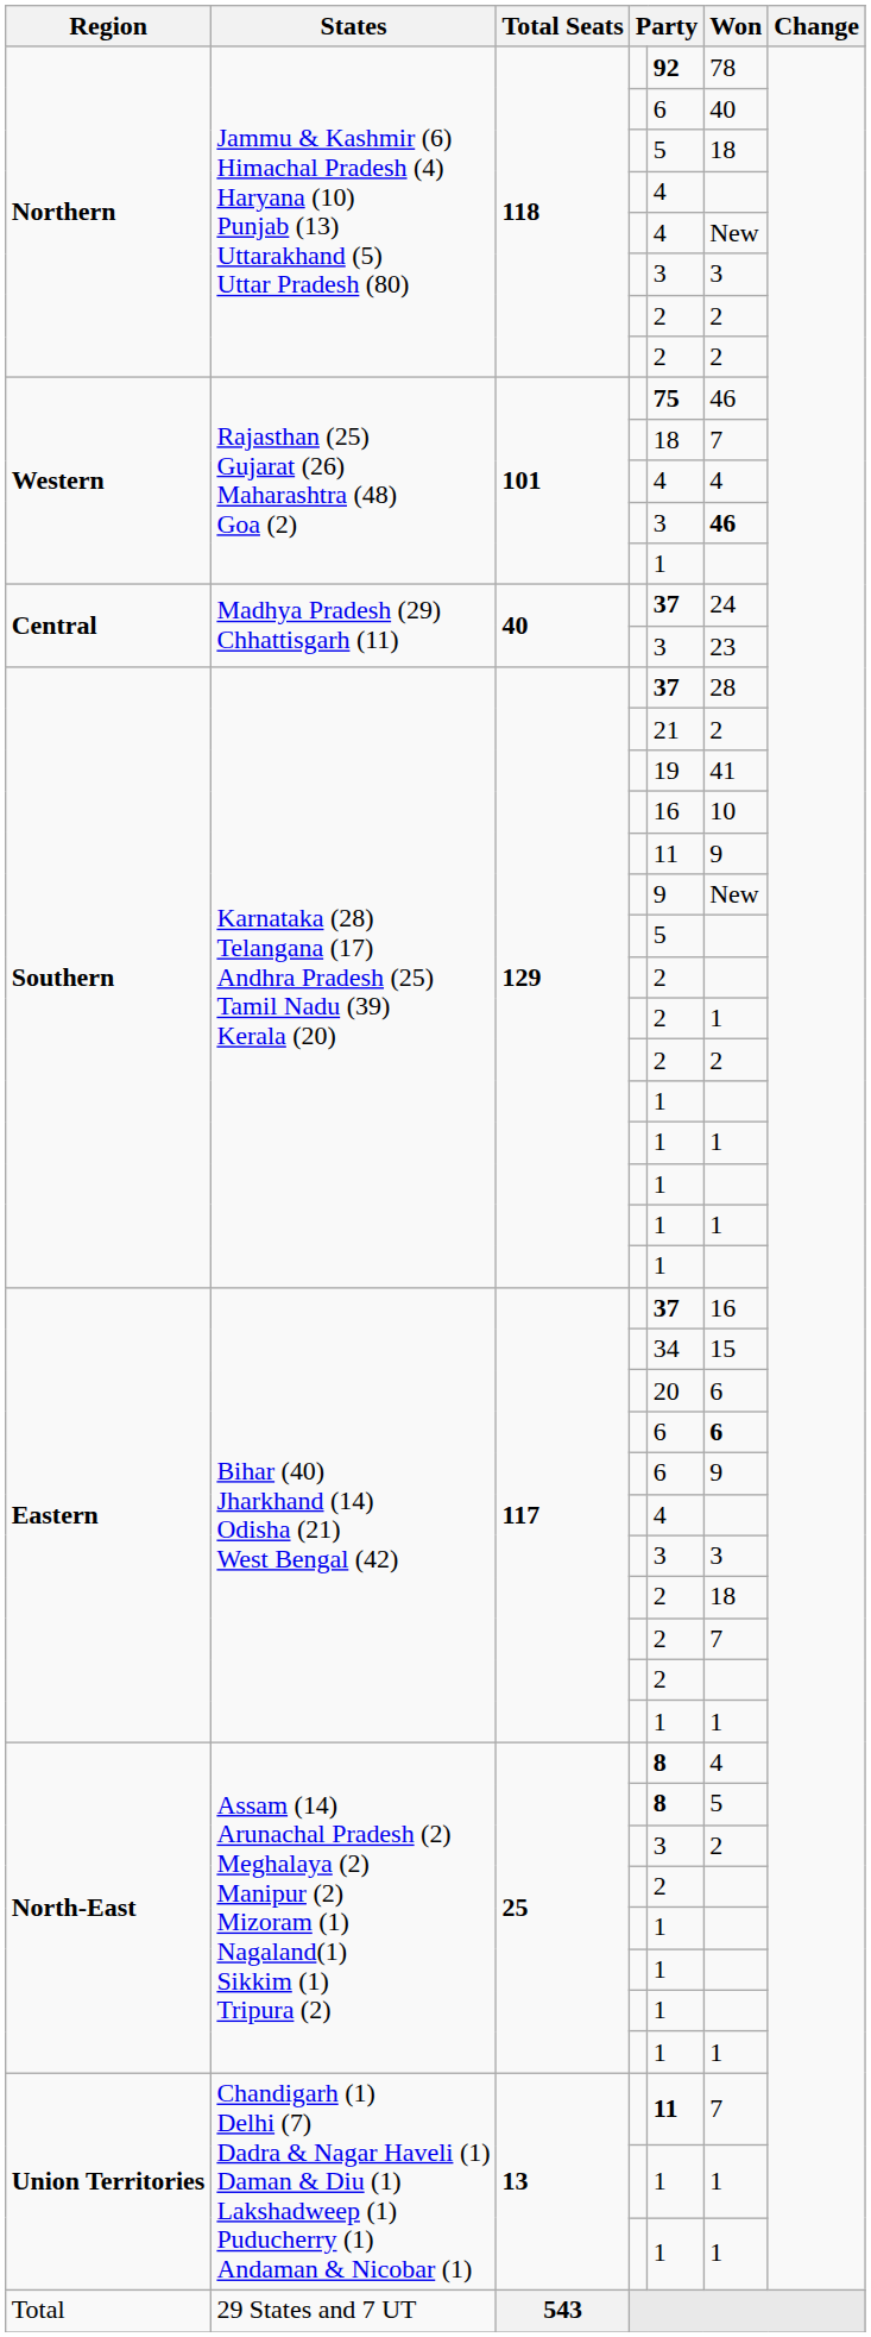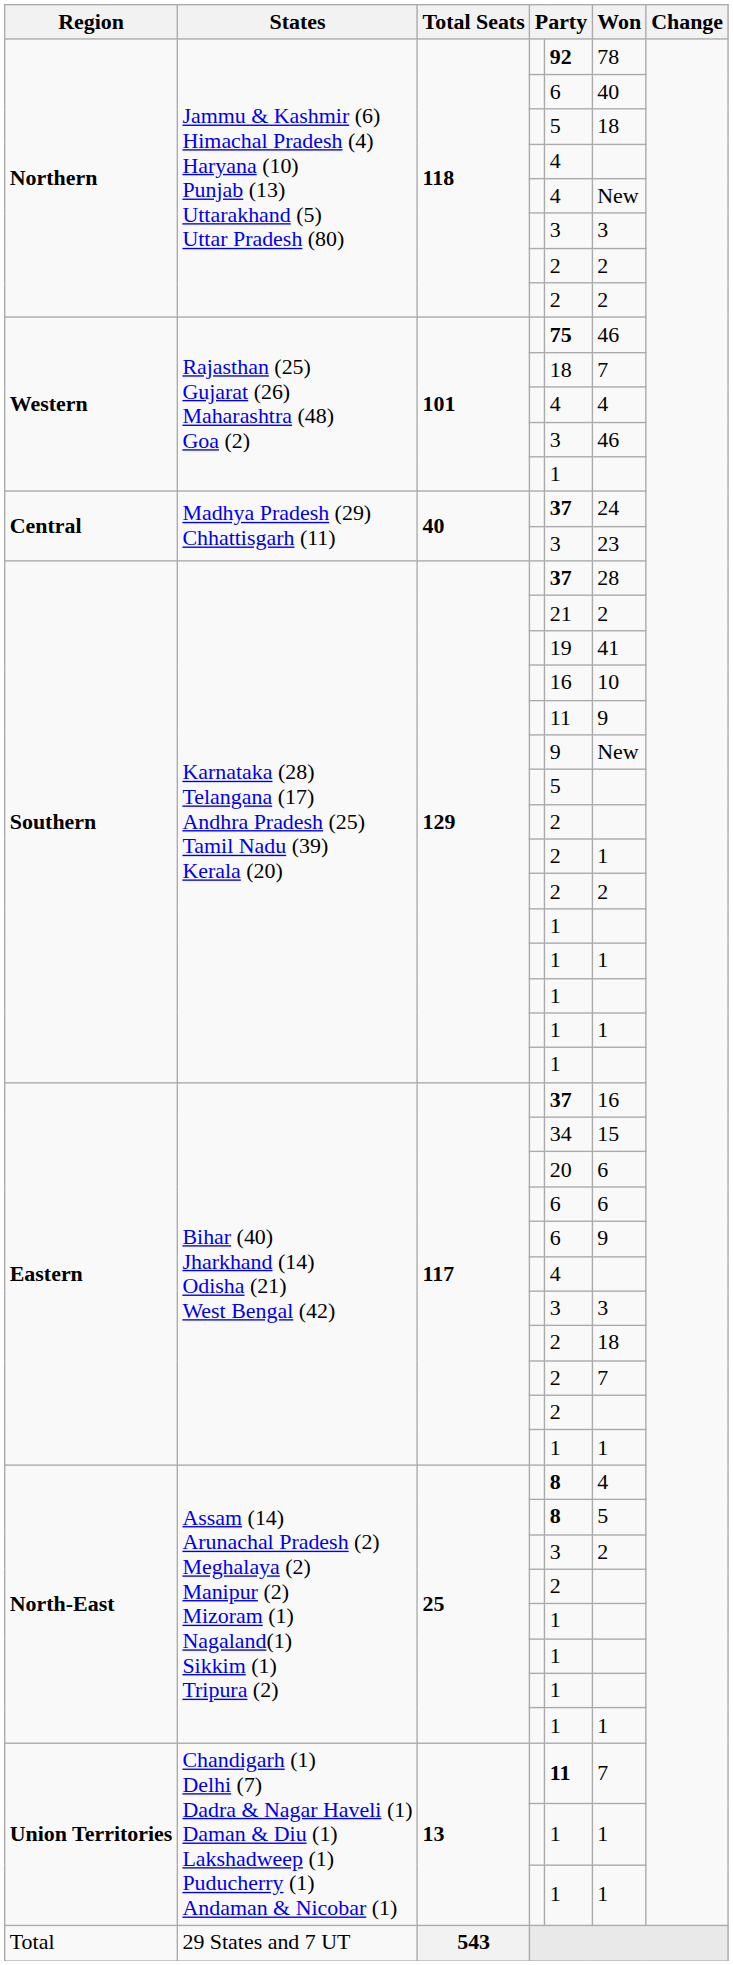 <table class="wikitable Sortable">
 <tr>
 <th>Region</th>
 <th>States</th>
 <th>Total Seats</th>
 <th colspan=2>Party</th>
 <th>Won</th>
 <th>Change</th>
 </tr>
 <tr>
 <td rowspan=8><strong>Northern</strong></td>
 <td rowspan=8><a href='#'>Jammu & Kashmir</a> (6)<br> <a href='#'>Himachal Pradesh</a> (4)<br><a href='#'>Haryana</a> (10)<br> <a href='#'>Punjab</a> (13) <br> <a href='#'>Uttarakhand</a> (5) <br> <a href='#'>Uttar Pradesh</a> (80)</td>
 <td rowspan=8><strong>118</strong></td>
 <td></td>
 <td><strong>92</strong></td>
 <td>78</td>
 </tr>
 <tr>
 <td></td>
 <td>6</td>
 <td>40</td>
 </tr>
 <tr>
 <td></td>
 <td>5</td>
 <td>18</td>
 </tr>
 <tr>
 <td></td>
 <td>4</td>
 <td></td>
 </tr>
 <tr>
 <td></td>
 <td>4</td>
 <td>New</td>
 </tr>
 <tr>
 <td></td>
 <td>3</td>
 <td>3</td>
 </tr>
 <tr>
 <td></td>
 <td>2</td>
 <td>2</td>
 </tr>
 <tr>
 <td></td>
 <td>2</td>
 <td>2</td>
 </tr>
 <tr>
 <td rowspan=5><strong>Western</strong></td>
 <td rowspan=5><a href='#'>Rajasthan</a> (25)<br><a href='#'>Gujarat</a> (26)<br> <a href='#'>Maharashtra</a> (48)<br> <a href='#'>Goa</a> (2)</td>
 <td rowspan=5><strong>101</strong></td>
 <td></td>
 <td><strong>75</strong></td>
 <td>46</td>
 </tr>
 <tr>
 <td></td>
 <td>18</td>
 <td>7</td>
 </tr>
 <tr>
 <td></td>
 <td>4</td>
 <td>4</td>
 </tr>
 <tr>
 <td></td>
 <td>3</td>
-<td><strong>46</strong></td>
+<td>46</td>
 </tr>
 <tr>
 <td></td>
 <td>1</td>
 <td></td>
 </tr>
 <tr>
 <td rowspan=2><strong>Central</strong></td>
 <td rowspan=2><a href='#'>Madhya Pradesh</a> (29) <br> <a href='#'>Chhattisgarh</a> (11)</td>
 <td rowspan=2><strong>40</strong></td>
 <td></td>
 <td><strong>37</strong></td>
 <td>24</td>
 </tr>
 <tr>
 <td></td>
 <td>3</td>
 <td>23</td>
 </tr>
 <tr>
 <td rowspan=15><strong>Southern</strong></td>
 <td rowspan=15><a href='#'>Karnataka</a> (28) <br><a href='#'>Telangana</a> (17) <br> <a href='#'>Andhra Pradesh</a> (25) <br><a href='#'>Tamil Nadu</a> (39) <br> <a href='#'>Kerala</a> (20)</td>
 <td rowspan=15><strong>129</strong></td>
 <td></td>
 <td><strong>37</strong></td>
 <td>28</td>
 </tr>
 <tr>
 <td></td>
 <td>21</td>
 <td>2</td>
 </tr>
 <tr>
 <td></td>
 <td>19</td>
 <td>41</td>
 </tr>
 <tr>
 <td></td>
 <td>16</td>
 <td>10</td>
 </tr>
 <tr>
 <td></td>
 <td>11</td>
 <td>9</td>
 </tr>
 <tr>
 <td></td>
 <td>9</td>
 <td>New</td>
 </tr>
 <tr>
 <td></td>
 <td>5</td>
 <td></td>
 </tr>
 <tr>
 <td></td>
 <td>2</td>
 <td></td>
 </tr>
 <tr>
 <td></td>
 <td>2</td>
 <td>1</td>
 </tr>
 <tr>
 <td></td>
 <td>2</td>
 <td>2</td>
 </tr>
 <tr>
 <td></td>
 <td>1</td>
 <td></td>
 </tr>
 <tr>
 <td></td>
 <td>1</td>
 <td>1</td>
 </tr>
 <tr>
 <td></td>
 <td>1</td>
 <td></td>
 </tr>
 <tr>
 <td></td>
 <td>1</td>
 <td>1</td>
 </tr>
 <tr>
 <td></td>
 <td>1</td>
 <td></td>
 </tr>
 <tr>
 <td rowspan=11><strong>Eastern</strong></td>
 <td rowspan=11><a href='#'>Bihar</a> (40)<br><a href='#'>Jharkhand</a> (14) <br><a href='#'>Odisha</a> (21) <br> <a href='#'>West Bengal</a> (42)</td>
 <td rowspan=11><strong>117</strong></td>
 <td></td>
 <td><strong>37</strong></td>
 <td>16</td>
 </tr>
 <tr>
 <td></td>
 <td>34</td>
 <td>15</td>
 </tr>
 <tr>
 <td></td>
 <td>20</td>
 <td>6</td>
 </tr>
 <tr>
 <td></td>
 <td>6</td>
-<td><strong>6</strong></td>
+<td>6</td>
 </tr>
 <tr>
 <td></td>
 <td>6</td>
 <td>9</td>
 </tr>
 <tr>
 <td></td>
 <td>4</td>
 <td></td>
 </tr>
 <tr>
 <td></td>
 <td>3</td>
 <td>3</td>
 </tr>
 <tr>
 <td></td>
 <td>2</td>
 <td>18</td>
 </tr>
 <tr>
 <td></td>
 <td>2</td>
 <td>7</td>
 </tr>
 <tr>
 <td></td>
 <td>2</td>
 <td></td>
 </tr>
 <tr>
 <td></td>
 <td>1</td>
 <td>1</td>
 </tr>
 <tr>
 <td rowspan=8><strong>North-East</strong></td>
 <td rowspan=8><a href='#'>Assam</a> (14)<br><a href='#'>Arunachal Pradesh</a> (2) <br><a href='#'>Meghalaya</a> (2) <br> <a href='#'>Manipur</a> (2)<br> <a href='#'>Mizoram</a> (1)<br> <a href='#'>Nagaland</a>(1) <br> <a href='#'>Sikkim</a> (1) <br> <a href='#'>Tripura</a> (2)</td>
 <td rowspan=8><strong>25</strong></td>
 <td></td>
 <td><strong>8</strong></td>
 <td>4</td>
 </tr>
 <tr>
 <td></td>
 <td><strong>8</strong></td>
 <td>5</td>
 </tr>
 <tr>
 <td></td>
 <td>3</td>
 <td>2</td>
 </tr>
 <tr>
 <td></td>
 <td>2</td>
 <td></td>
 </tr>
 <tr>
 <td></td>
 <td>1</td>
 <td></td>
 </tr>
 <tr>
 <td></td>
 <td>1</td>
 <td></td>
 </tr>
 <tr>
 <td></td>
 <td>1</td>
 <td></td>
 </tr>
 <tr>
 <td></td>
 <td>1</td>
 <td>1</td>
 </tr>
 <tr>
 <td rowspan=3><strong>Union Territories</strong></td>
 <td rowspan=3><a href='#'>Chandigarh</a> (1) <br> <a href='#'>Delhi</a> (7)<br> <a href='#'>Dadra & Nagar Haveli</a> (1) <br> <a href='#'>Daman & Diu</a> (1) <br> <a href='#'>Lakshadweep</a> (1) <br> <a href='#'>Puducherry</a> (1)  <br> <a href='#'>Andaman & Nicobar</a> (1)</td>
 <td rowspan=3><strong>13</strong></td>
 <td></td>
 <td><strong>11</strong></td>
 <td>7</td>
 </tr>
 <tr>
 <td></td>
 <td>1</td>
 <td>1</td>
 </tr>
 <tr>
 <td></td>
 <td>1</td>
 <td>1</td>
 </tr>
 <tr>
 <td>Total</td>
 <td>29 States and 7 UT</td>
 <th>543</th>
 <td colspan="4" bgcolor="#E9E9E9"></td>
 </tr>
 </table>
